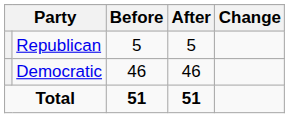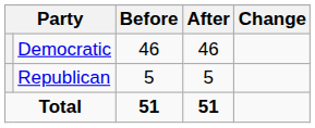 <table class="wikitable" style="text-align:center;">
 <tr>
 </tr>
 <tr>
 <th colspan=2>Party</th>
 <th>Before</th>
 <th>After</th>
 <th>Change</th>
 </tr>
 <tr>
 <th style="background-color:"></th>
-<td style="text-align:left;"><a href='#'>Republican</a></td>
-<td>5</td>
-<td>5</td>
+<td style="text-align:left;"><a href='#'>Democratic</a></td>
+<td>46</td>
+<td>46</td>
 <td></td>
 </tr>
 <tr>
 <th style="background-color:"></th>
-<td style="text-align:left;"><a href='#'>Democratic</a></td>
-<td>46</td>
-<td>46</td>
+<td style="text-align:left;"><a href='#'>Republican</a></td>
+<td>5</td>
+<td>5</td>
 <td></td>
 </tr>
 <tr>
 <td colspan=2><strong>Total</strong></td>
 <td><strong>51</strong></td>
 <td><strong>51</strong></td>
 <td></td>
 </tr>
 </table>
